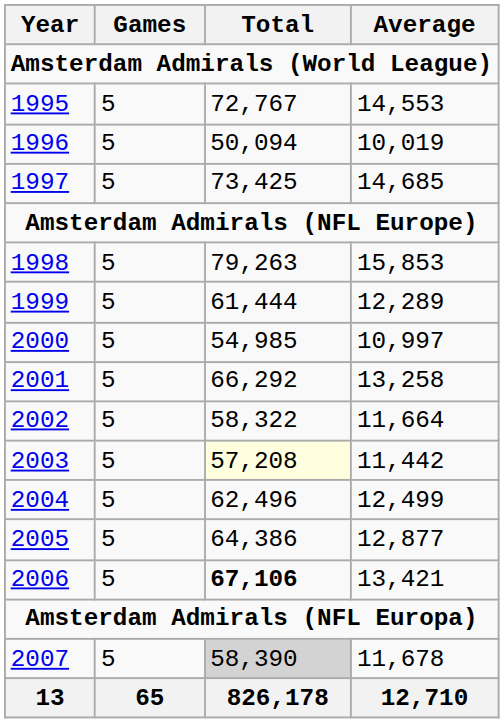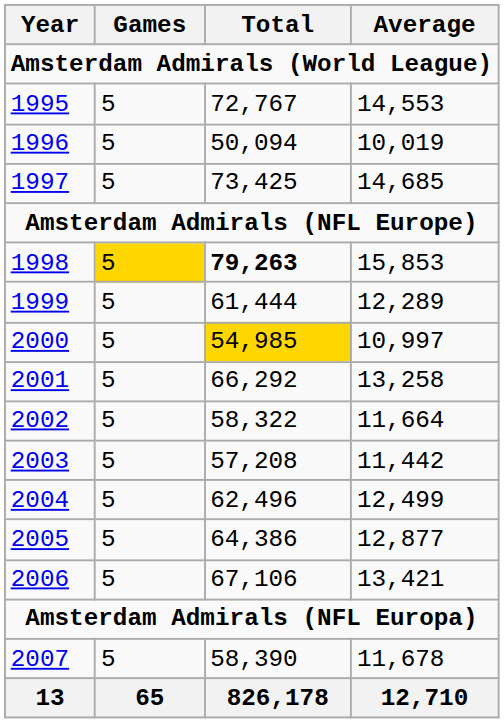 <table class="wikitable">
 <tr>
 <th>Year</th>
 <th>Games</th>
 <th>Total</th>
 <th>Average</th>
 </tr>
 <tr>
 <td colspan="4" align="center"><strong>Amsterdam Admirals (World League)</strong></td>
 </tr>
 <tr>
 <td><a href='#'>1995</a></td>
 <td>5</td>
 <td>72,767</td>
 <td>14,553</td>
 </tr>
 <tr>
 <td><a href='#'>1996</a></td>
 <td>5</td>
 <td>50,094</td>
 <td>10,019</td>
 </tr>
 <tr>
 <td><a href='#'>1997</a></td>
 <td>5</td>
 <td>73,425</td>
 <td>14,685</td>
 </tr>
 <tr>
 <td colspan="4" align="center"><strong>Amsterdam Admirals (NFL Europe)</strong></td>
 </tr>
 <tr>
 <td><a href='#'>1998</a></td>
-<td>5</td>
-<td>79,263</td>
+<td style="background: gold;">5</td>
+<td><strong>79,263</strong></td>
 <td>15,853</td>
 </tr>
 <tr>
 <td><a href='#'>1999</a></td>
 <td>5</td>
 <td>61,444</td>
 <td>12,289</td>
 </tr>
 <tr>
 <td><a href='#'>2000</a></td>
 <td>5</td>
-<td>54,985</td>
+<td style="background: gold;">54,985</td>
 <td>10,997</td>
 </tr>
 <tr>
 <td><a href='#'>2001</a></td>
 <td>5</td>
 <td>66,292</td>
 <td>13,258</td>
 </tr>
 <tr>
 <td><a href='#'>2002</a></td>
 <td>5</td>
 <td>58,322</td>
 <td>11,664</td>
 </tr>
 <tr>
 <td><a href='#'>2003</a></td>
 <td>5</td>
-<td style="background: lightyellow;">57,208</td>
+<td>57,208</td>
 <td>11,442</td>
 </tr>
 <tr>
 <td><a href='#'>2004</a></td>
 <td>5</td>
 <td>62,496</td>
 <td>12,499</td>
 </tr>
 <tr>
 <td><a href='#'>2005</a></td>
 <td>5</td>
 <td>64,386</td>
 <td>12,877</td>
 </tr>
 <tr>
 <td><a href='#'>2006</a></td>
 <td>5</td>
-<td><strong>67,106</strong></td>
+<td>67,106</td>
 <td>13,421</td>
 </tr>
 <tr>
 <td colspan="4" align="center"><strong>Amsterdam Admirals (NFL Europa)</strong></td>
 </tr>
 <tr>
 <td><a href='#'>2007</a></td>
 <td>5</td>
-<td style="background: lightgrey;">58,390</td>
+<td>58,390</td>
 <td>11,678</td>
 </tr>
 <tr>
 <th>13</th>
 <th>65</th>
 <th>826,178</th>
 <th>12,710</th>
 </tr>
 </table>
